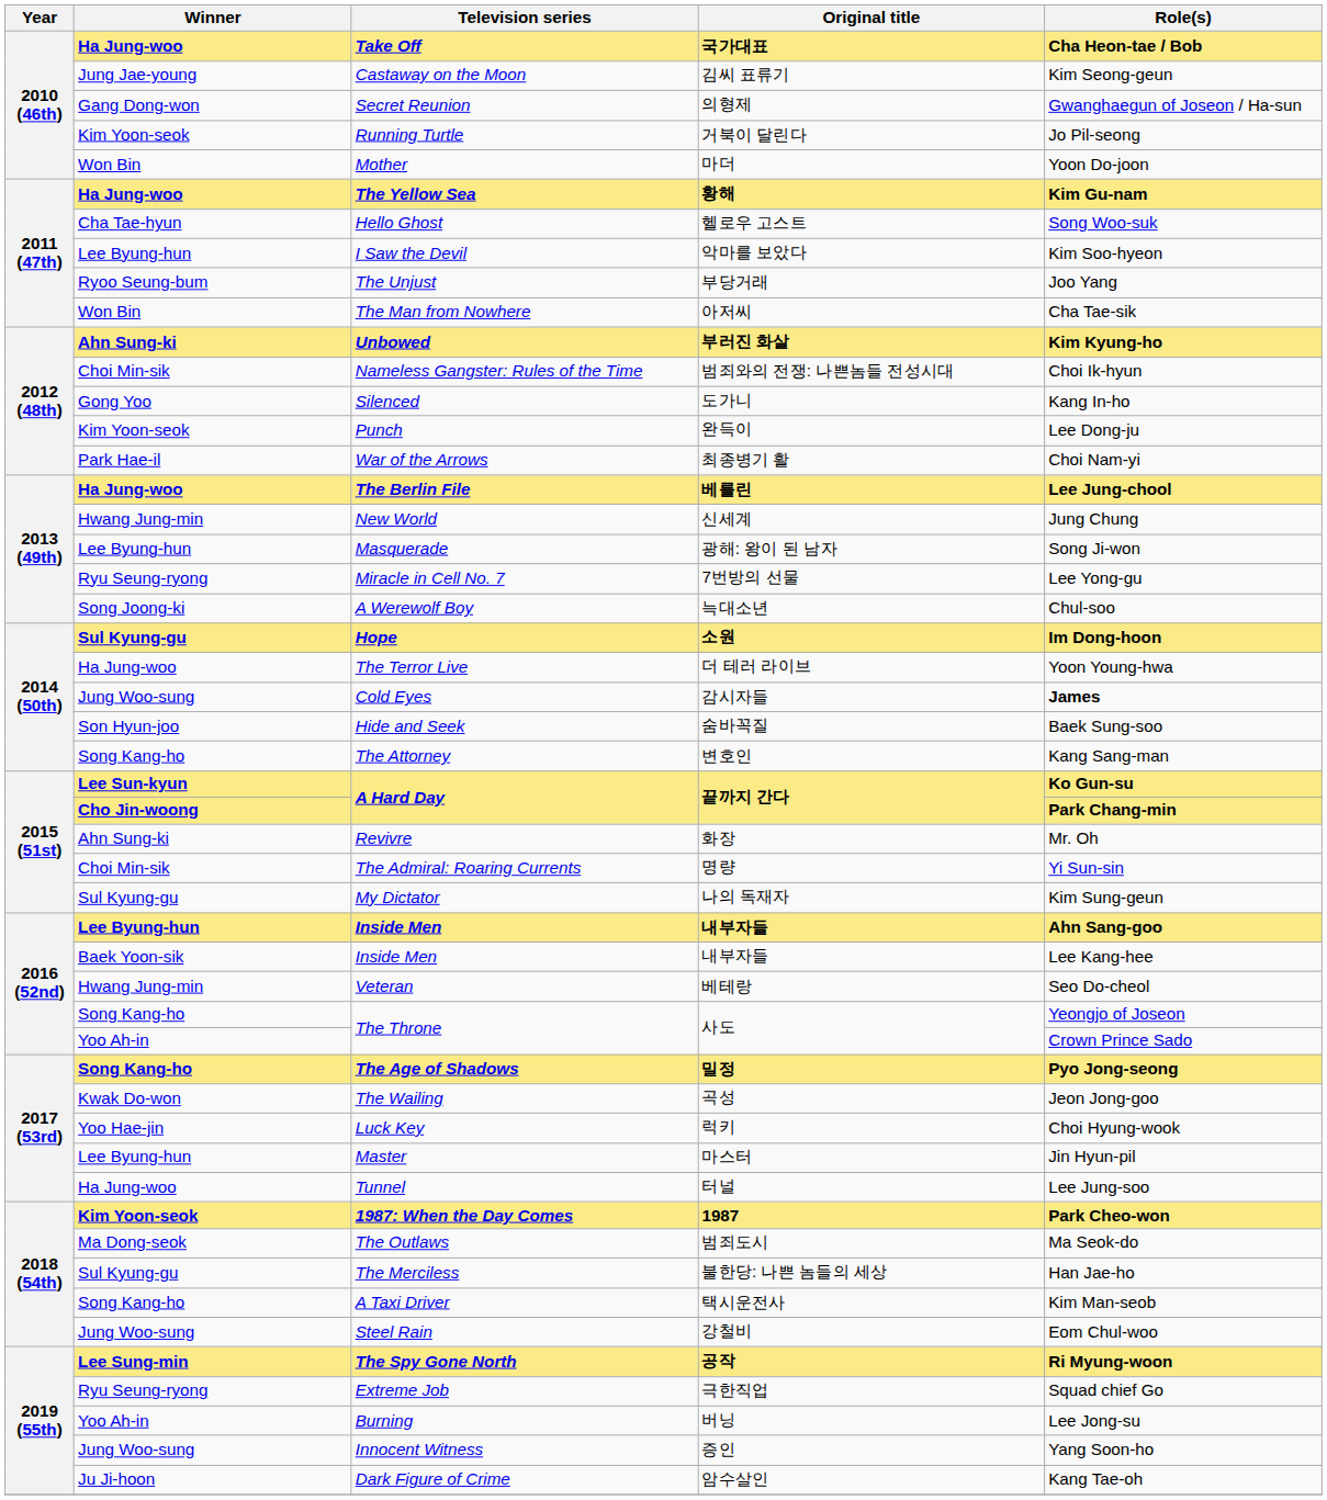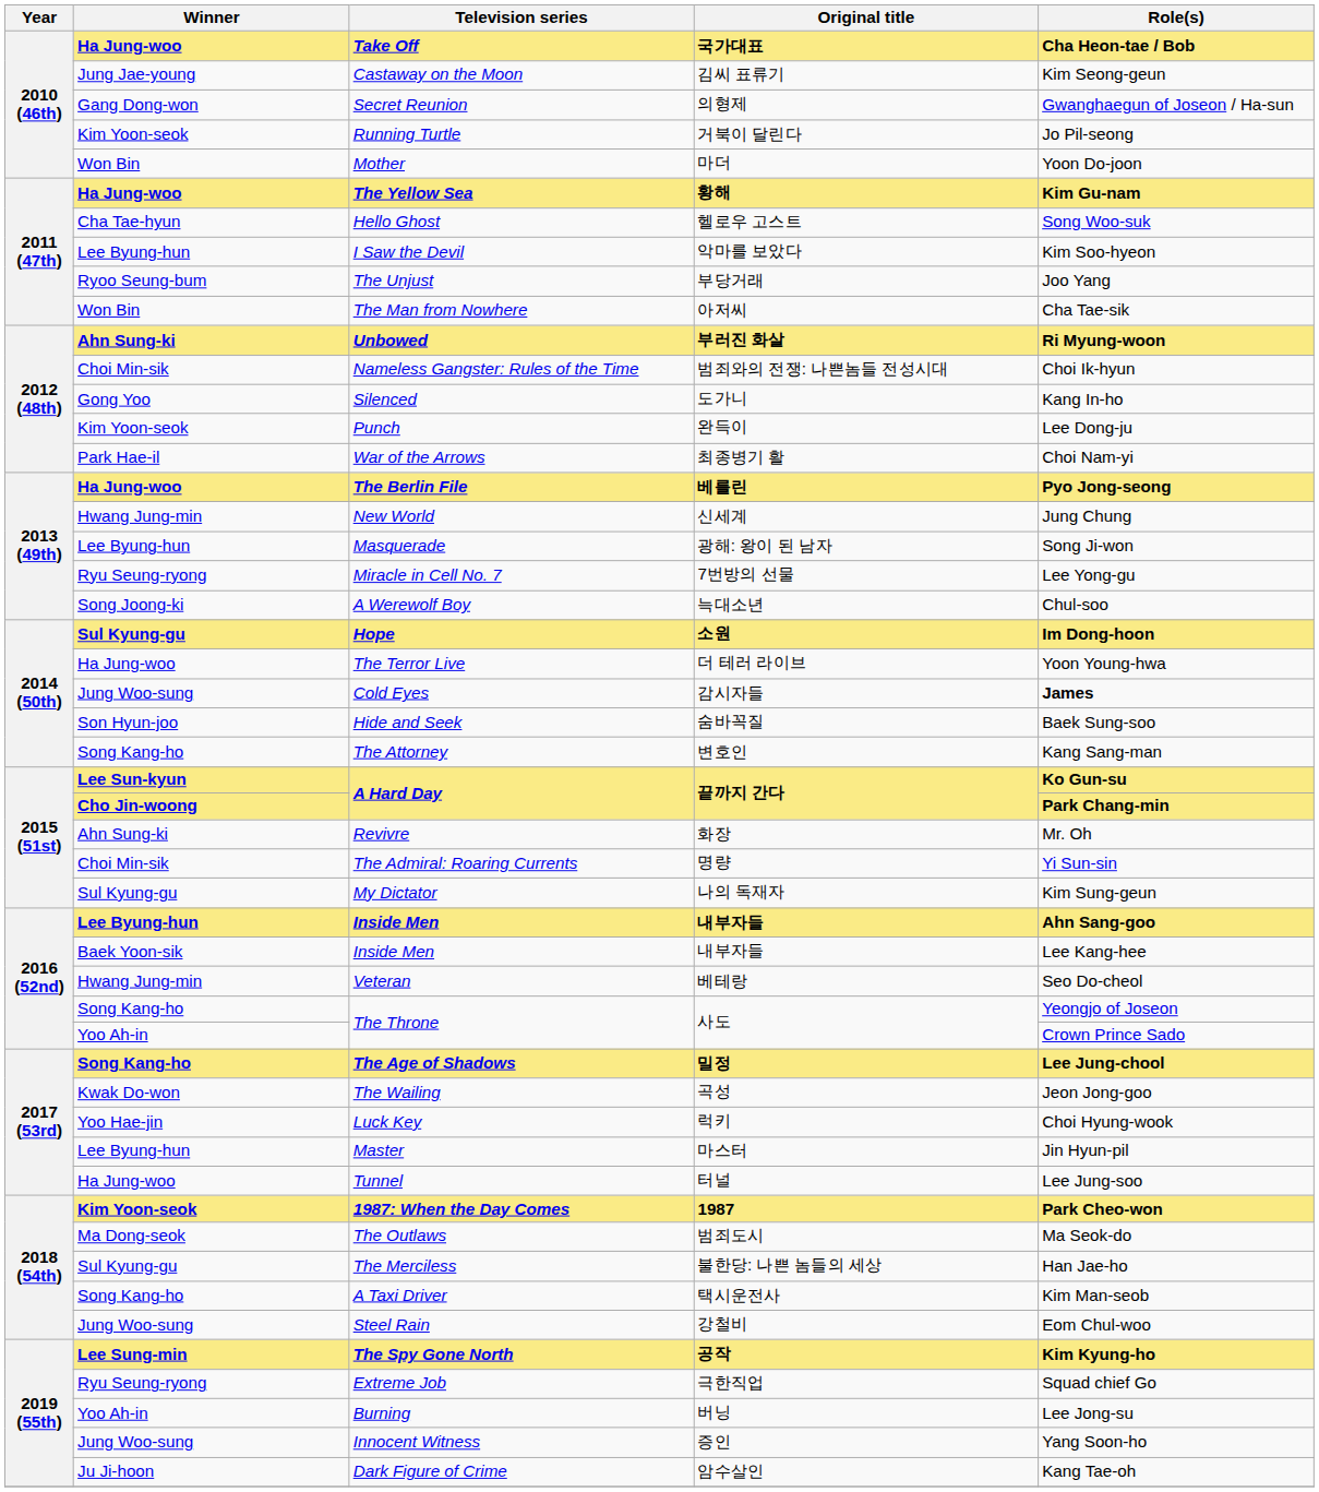 <table class="wikitable" style="width:100%;" cellpadding="6">
 <tr>
 <th style="width:5%;">Year</th>
 <th style="width:20%;">Winner</th>
 <th style="width:25%;">Television series</th>
 <th style="width:25%;">Original title</th>
 <th style="width:20%;">Role(s)</th>
 </tr>
 <tr>
 <th rowspan="5">2010<br>(<a href='#'>46th</a>)</th>
 <td style="background:#FAEB86;"><strong><a href='#'>Ha Jung-woo</a> </strong></td>
 <td style="background:#FAEB86;"><strong><em><a href='#'>Take Off</a></em></strong></td>
 <td style="background:#FAEB86;"><strong>국가대표</strong></td>
 <td style="background:#FAEB86;"><strong>Cha Heon-tae / Bob</strong></td>
 </tr>
 <tr>
 <td><a href='#'>Jung Jae-young</a></td>
 <td><em><a href='#'>Castaway on the Moon</a></em></td>
 <td>김씨 표류기</td>
 <td>Kim Seong-geun</td>
 </tr>
 <tr>
 <td><a href='#'>Gang Dong-won</a></td>
 <td><em><a href='#'>Secret Reunion</a></em></td>
 <td>의형제</td>
 <td><a href='#'>Gwanghaegun of Joseon</a> / Ha-sun</td>
 </tr>
 <tr>
 <td><a href='#'>Kim Yoon-seok</a></td>
 <td><em><a href='#'>Running Turtle</a></em></td>
 <td>거북이 달린다</td>
 <td>Jo Pil-seong</td>
 </tr>
 <tr>
 <td><a href='#'>Won Bin</a></td>
 <td><em><a href='#'>Mother</a></em></td>
 <td>마더</td>
 <td>Yoon Do-joon</td>
 </tr>
 <tr>
 <th rowspan="5">2011<br>(<a href='#'>47th</a>)</th>
 <td style="background:#FAEB86;"><strong><a href='#'>Ha Jung-woo</a> </strong></td>
 <td style="background:#FAEB86;"><strong><em><a href='#'>The Yellow Sea</a></em></strong></td>
 <td style="background:#FAEB86;"><strong>황해</strong></td>
 <td style="background:#FAEB86;"><strong>Kim Gu-nam</strong></td>
 </tr>
 <tr>
 <td><a href='#'>Cha Tae-hyun</a></td>
 <td><em><a href='#'>Hello Ghost</a></em></td>
 <td>헬로우 고스트</td>
 <td><a href='#'>Song Woo-suk</a></td>
 </tr>
 <tr>
 <td><a href='#'>Lee Byung-hun</a></td>
 <td><em><a href='#'>I Saw the Devil</a></em></td>
 <td>악마를 보았다</td>
 <td>Kim Soo-hyeon</td>
 </tr>
 <tr>
 <td><a href='#'>Ryoo Seung-bum</a></td>
 <td><em><a href='#'>The Unjust</a></em></td>
 <td>부당거래</td>
 <td>Joo Yang</td>
 </tr>
 <tr>
 <td><a href='#'>Won Bin</a></td>
 <td><em><a href='#'>The Man from Nowhere</a></em></td>
 <td>아저씨</td>
 <td>Cha Tae-sik</td>
 </tr>
 <tr>
 <th rowspan="5">2012<br>(<a href='#'>48th</a>)</th>
 <td style="background:#FAEB86;"><strong><a href='#'>Ahn Sung-ki</a> </strong></td>
 <td style="background:#FAEB86;"><strong><em><a href='#'>Unbowed</a></em></strong></td>
 <td style="background:#FAEB86;"><strong>부러진 화살</strong></td>
-<td style="background:#FAEB86;"><strong>Kim Kyung-ho</strong></td>
+<td style="background:#FAEB86;"><strong>Ri Myung-woon</strong></td>
 </tr>
 <tr>
 <td><a href='#'>Choi Min-sik</a></td>
 <td><em><a href='#'>Nameless Gangster: Rules of the Time</a></em></td>
 <td>범죄와의 전쟁: 나쁜놈들 전성시대</td>
 <td>Choi Ik-hyun</td>
 </tr>
 <tr>
 <td><a href='#'>Gong Yoo</a></td>
 <td><em><a href='#'>Silenced</a></em></td>
 <td>도가니</td>
 <td>Kang In-ho</td>
 </tr>
 <tr>
 <td><a href='#'>Kim Yoon-seok</a></td>
 <td><em><a href='#'>Punch</a></em></td>
 <td>완득이</td>
 <td>Lee Dong-ju</td>
 </tr>
 <tr>
 <td><a href='#'>Park Hae-il</a></td>
 <td><em><a href='#'>War of the Arrows</a></em></td>
 <td>최종병기 활</td>
 <td>Choi Nam-yi</td>
 </tr>
 <tr>
 <th rowspan="5">2013<br>(<a href='#'>49th</a>)</th>
 <td style="background:#FAEB86;"><strong><a href='#'>Ha Jung-woo</a> </strong></td>
 <td style="background:#FAEB86;"><strong><em><a href='#'>The Berlin File</a></em></strong></td>
 <td style="background:#FAEB86;"><strong>베를린</strong></td>
-<td style="background:#FAEB86;"><strong>Lee Jung-chool</strong></td>
+<td style="background:#FAEB86;"><strong>Pyo Jong-seong</strong></td>
 </tr>
 <tr>
 <td><a href='#'>Hwang Jung-min</a></td>
 <td><em><a href='#'>New World</a></em></td>
 <td>신세계</td>
 <td>Jung Chung</td>
 </tr>
 <tr>
 <td><a href='#'>Lee Byung-hun</a></td>
 <td><em><a href='#'>Masquerade</a></em></td>
 <td>광해: 왕이 된 남자</td>
 <td>Song Ji-won</td>
 </tr>
 <tr>
 <td><a href='#'>Ryu Seung-ryong</a></td>
 <td><em><a href='#'>Miracle in Cell No. 7</a></em></td>
 <td>7번방의 선물</td>
 <td>Lee Yong-gu</td>
 </tr>
 <tr>
 <td><a href='#'>Song Joong-ki</a></td>
 <td><em><a href='#'>A Werewolf Boy</a></em></td>
 <td>늑대소년</td>
 <td>Chul-soo</td>
 </tr>
 <tr>
 <th rowspan="5">2014<br>(<a href='#'>50th</a>)</th>
 <td style="background:#FAEB86;"><strong><a href='#'>Sul Kyung-gu</a> </strong></td>
 <td style="background:#FAEB86;"><strong><em><a href='#'>Hope</a></em></strong></td>
 <td style="background:#FAEB86;"><strong>소원</strong></td>
 <td style="background:#FAEB86;"><strong>Im Dong-hoon</strong></td>
 </tr>
 <tr>
 <td><a href='#'>Ha Jung-woo</a></td>
 <td><em><a href='#'>The Terror Live</a></em></td>
 <td>더 테러 라이브</td>
 <td>Yoon Young-hwa</td>
 </tr>
 <tr>
 <td><a href='#'>Jung Woo-sung</a></td>
 <td><em><a href='#'>Cold Eyes</a></em></td>
 <td>감시자들</td>
 <td><strong>James</strong></td>
 </tr>
 <tr>
 <td><a href='#'>Son Hyun-joo</a></td>
 <td><em><a href='#'>Hide and Seek</a></em></td>
 <td>숨바꼭질</td>
 <td>Baek Sung-soo</td>
 </tr>
 <tr>
 <td><a href='#'>Song Kang-ho</a></td>
 <td><em><a href='#'>The Attorney</a></em></td>
 <td>변호인</td>
 <td>Kang Sang-man</td>
 </tr>
 <tr>
 <th rowspan="5">2015<br>(<a href='#'>51st</a>)</th>
 <td style="background:#FAEB86;"><strong><a href='#'>Lee Sun-kyun</a> </strong></td>
 <td rowspan="2" style="background:#FAEB86;"><strong><em><a href='#'>A Hard Day</a></em></strong></td>
 <td rowspan="2" style="background:#FAEB86;"><strong>끝까지 간다</strong></td>
 <td style="background:#FAEB86;"><strong>Ko Gun-su</strong></td>
 </tr>
 <tr>
 <td style="background:#FAEB86;"><strong><a href='#'>Cho Jin-woong</a> </strong></td>
 <td style="background:#FAEB86;"><strong>Park Chang-min</strong></td>
 </tr>
 <tr>
 <td><a href='#'>Ahn Sung-ki</a></td>
 <td><em><a href='#'>Revivre</a></em></td>
 <td>화장</td>
 <td>Mr. Oh</td>
 </tr>
 <tr>
 <td><a href='#'>Choi Min-sik</a></td>
 <td><em><a href='#'>The Admiral: Roaring Currents</a></em></td>
 <td>명량</td>
 <td><a href='#'>Yi Sun-sin</a></td>
 </tr>
 <tr>
 <td><a href='#'>Sul Kyung-gu</a></td>
 <td><em><a href='#'>My Dictator</a></em></td>
 <td>나의 독재자</td>
 <td>Kim Sung-geun</td>
 </tr>
 <tr>
 <th rowspan="5">2016<br>(<a href='#'>52nd</a>)</th>
 <td style="background:#FAEB86;"><strong><a href='#'>Lee Byung-hun</a> </strong></td>
 <td style="background:#FAEB86;"><strong><em><a href='#'>Inside Men</a></em></strong></td>
 <td style="background:#FAEB86;"><strong>내부자들</strong></td>
 <td style="background:#FAEB86;"><strong>Ahn Sang-goo</strong></td>
 </tr>
 <tr>
 <td><a href='#'>Baek Yoon-sik</a></td>
 <td><em><a href='#'>Inside Men</a></em></td>
 <td>내부자들</td>
 <td>Lee Kang-hee</td>
 </tr>
 <tr>
 <td><a href='#'>Hwang Jung-min</a></td>
 <td><em><a href='#'>Veteran</a></em></td>
 <td>베테랑</td>
 <td>Seo Do-cheol</td>
 </tr>
 <tr>
 <td><a href='#'>Song Kang-ho</a></td>
 <td rowspan="2"><em><a href='#'>The Throne</a></em></td>
 <td rowspan="2">사도</td>
 <td><a href='#'>Yeongjo of Joseon</a></td>
 </tr>
 <tr>
 <td><a href='#'>Yoo Ah-in</a></td>
 <td><a href='#'>Crown Prince Sado</a></td>
 </tr>
 <tr>
 <th rowspan="5">2017<br>(<a href='#'>53rd</a>)</th>
 <td style="background:#FAEB86;"><strong><a href='#'>Song Kang-ho</a> </strong></td>
 <td style="background:#FAEB86;"><strong><em><a href='#'>The Age of Shadows</a></em></strong></td>
 <td style="background:#FAEB86;"><strong>밀정</strong></td>
-<td style="background:#FAEB86;"><strong>Pyo Jong-seong</strong></td>
+<td style="background:#FAEB86;"><strong>Lee Jung-chool</strong></td>
 </tr>
 <tr>
 <td><a href='#'>Kwak Do-won</a></td>
 <td><em><a href='#'>The Wailing</a></em></td>
 <td>곡성</td>
 <td>Jeon Jong-goo</td>
 </tr>
 <tr>
 <td><a href='#'>Yoo Hae-jin</a></td>
 <td><em><a href='#'>Luck Key</a></em></td>
 <td>럭키</td>
 <td>Choi Hyung-wook</td>
 </tr>
 <tr>
 <td><a href='#'>Lee Byung-hun</a></td>
 <td><em><a href='#'>Master</a></em></td>
 <td>마스터</td>
 <td>Jin Hyun-pil</td>
 </tr>
 <tr>
 <td><a href='#'>Ha Jung-woo</a></td>
 <td><em><a href='#'>Tunnel</a></em></td>
 <td>터널</td>
 <td>Lee Jung-soo</td>
 </tr>
 <tr>
 <th rowspan="5">2018<br>(<a href='#'>54th</a>)</th>
 <td style="background:#FAEB86;"><strong><a href='#'>Kim Yoon-seok</a> </strong></td>
 <td style="background:#FAEB86;"><strong><em><a href='#'>1987: When the Day Comes</a></em></strong></td>
 <td style="background:#FAEB86;"><strong>1987</strong></td>
 <td style="background:#FAEB86;"><strong>Park Cheo-won</strong></td>
 </tr>
 <tr>
 <td><a href='#'>Ma Dong-seok</a></td>
 <td><em><a href='#'>The Outlaws</a></em></td>
 <td>범죄도시</td>
 <td>Ma Seok-do</td>
 </tr>
 <tr>
 <td><a href='#'>Sul Kyung-gu</a></td>
 <td><em><a href='#'>The Merciless</a></em></td>
 <td>불한당: 나쁜 놈들의 세상</td>
 <td>Han Jae-ho</td>
 </tr>
 <tr>
 <td><a href='#'>Song Kang-ho</a></td>
 <td><em><a href='#'>A Taxi Driver</a></em></td>
 <td>택시운전사</td>
 <td>Kim Man-seob</td>
 </tr>
 <tr>
 <td><a href='#'>Jung Woo-sung</a></td>
 <td><em><a href='#'>Steel Rain</a></em></td>
 <td>강철비</td>
 <td>Eom Chul-woo</td>
 </tr>
 <tr>
 <th rowspan="5">2019<br>(<a href='#'>55th</a>)</th>
 <td style="background:#FAEB86;"><strong><a href='#'>Lee Sung-min</a> </strong></td>
 <td style="background:#FAEB86;"><strong><em><a href='#'>The Spy Gone North</a></em></strong></td>
 <td style="background:#FAEB86;"><strong>공작</strong></td>
-<td style="background:#FAEB86;"><strong>Ri Myung-woon</strong></td>
+<td style="background:#FAEB86;"><strong>Kim Kyung-ho</strong></td>
 </tr>
 <tr>
 <td><a href='#'>Ryu Seung-ryong</a></td>
 <td><em><a href='#'>Extreme Job</a></em></td>
 <td>극한직업</td>
 <td>Squad chief Go</td>
 </tr>
 <tr>
 <td><a href='#'>Yoo Ah-in</a></td>
 <td><em><a href='#'>Burning</a></em></td>
 <td>버닝</td>
 <td>Lee Jong-su</td>
 </tr>
 <tr>
 <td><a href='#'>Jung Woo-sung</a></td>
 <td><em><a href='#'>Innocent Witness</a></em></td>
 <td>증인</td>
 <td>Yang Soon-ho</td>
 </tr>
 <tr>
 <td><a href='#'>Ju Ji-hoon</a></td>
 <td><em><a href='#'>Dark Figure of Crime</a></em></td>
 <td>암수살인</td>
 <td>Kang Tae-oh</td>
 </tr>
 <tr>
 </tr>
 </table>
